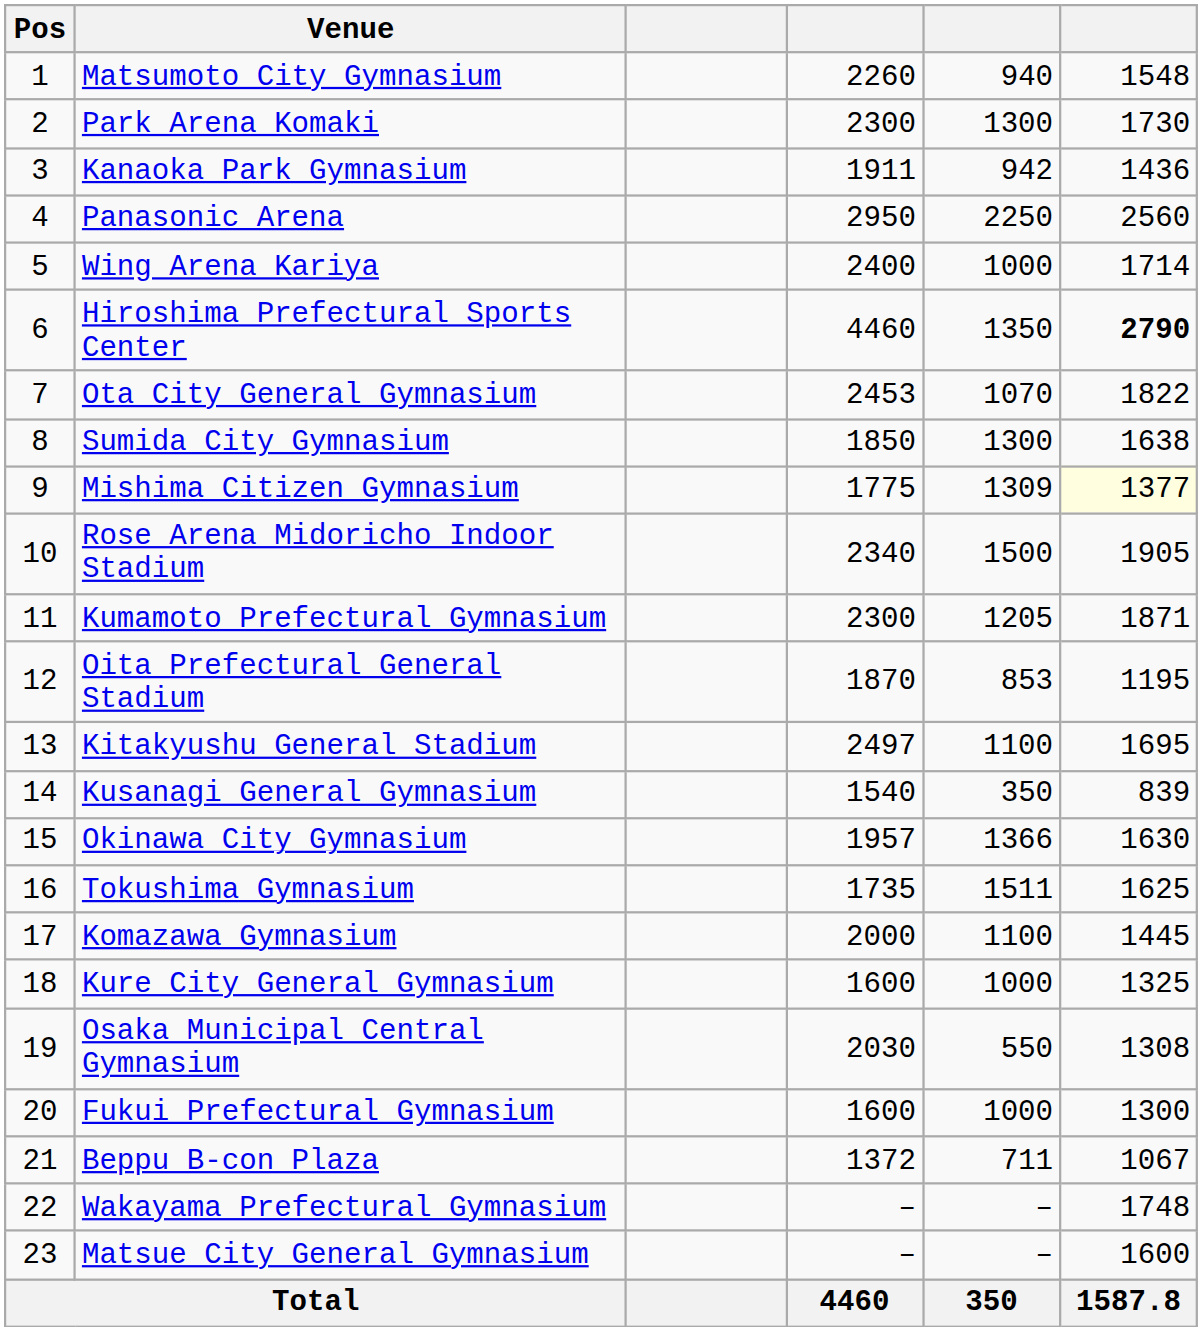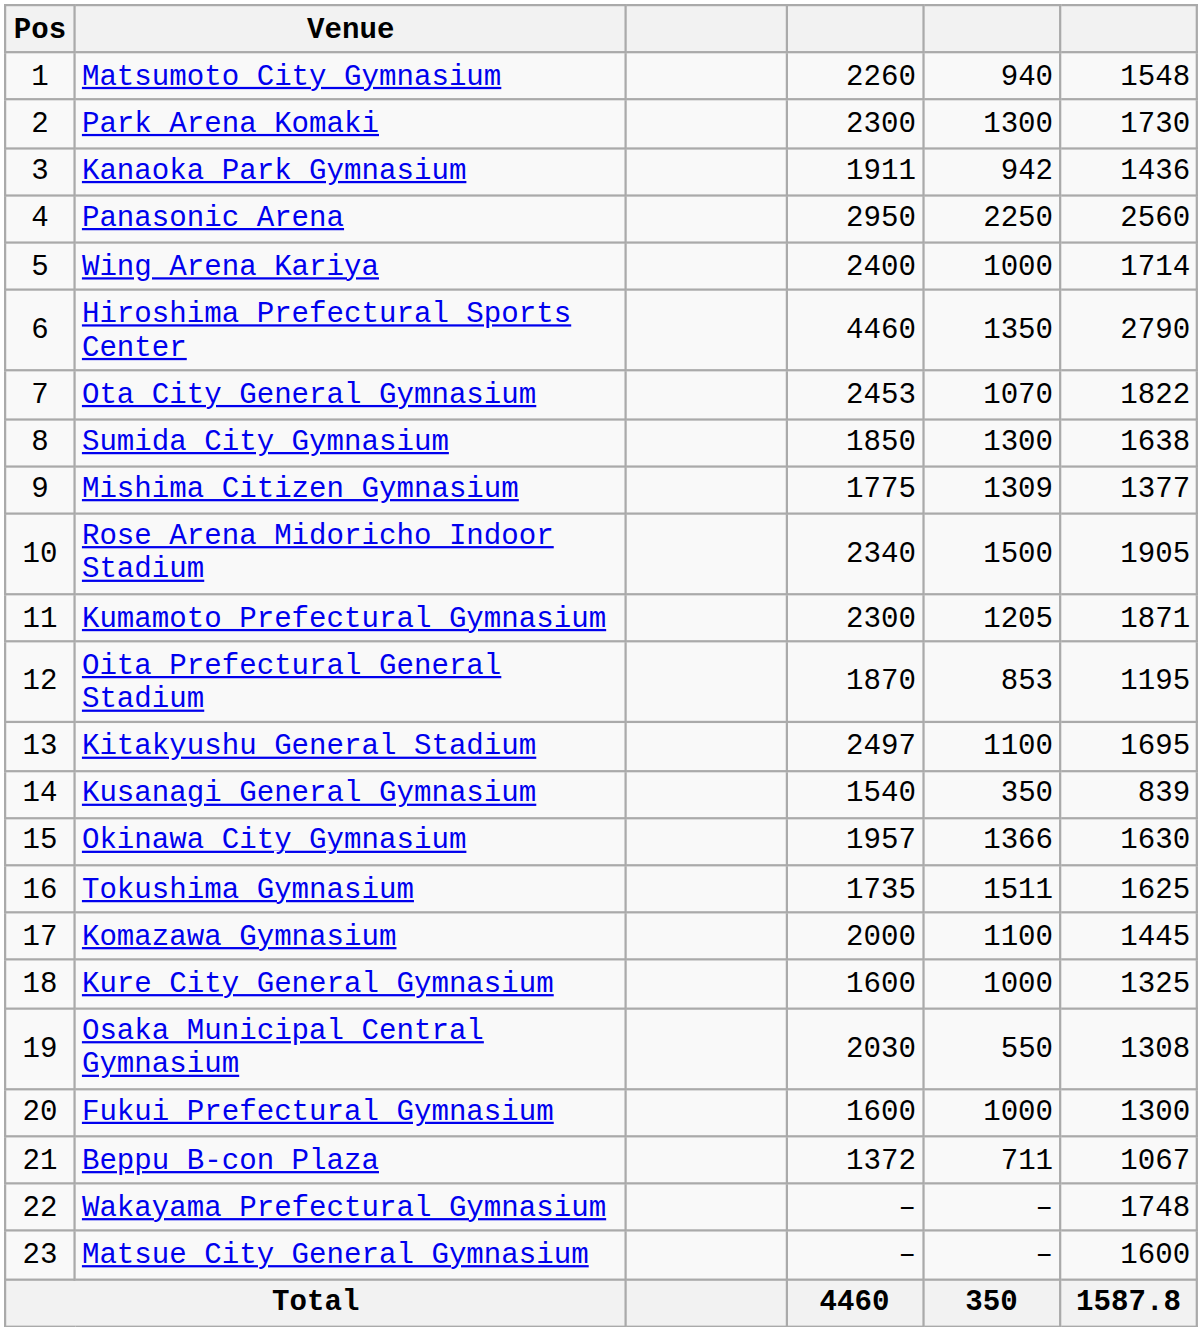 <table class="wikitable sortable" style="text-align: right;">
 <tr>
 <th class="unsortable" width=25>Pos</th>
 <th class="unsortable" width=240>Venue</th>
 <th width=65></th>
 <th width=55></th>
 <th width=55></th>
 <th width=55></th>
 </tr>
 <tr>
 <td style="text-align:center;">1</td>
 <td style="text-align:left;"><a href='#'>Matsumoto City Gymnasium</a></td>
 <td></td>
 <td>2260</td>
 <td>940</td>
 <td>1548</td>
 </tr>
 <tr>
 <td style="text-align:center;">2</td>
 <td style="text-align:left;"><a href='#'>Park Arena Komaki</a></td>
 <td></td>
 <td>2300</td>
 <td>1300</td>
 <td>1730</td>
 </tr>
 <tr>
 <td style="text-align:center;">3</td>
 <td style="text-align:left;"><a href='#'>Kanaoka Park Gymnasium</a></td>
 <td></td>
 <td>1911</td>
 <td>942</td>
 <td>1436</td>
 </tr>
 <tr>
 <td style="text-align:center;">4</td>
 <td style="text-align:left;"><a href='#'>Panasonic Arena</a></td>
 <td></td>
 <td>2950</td>
 <td>2250</td>
 <td>2560</td>
 </tr>
 <tr>
 <td style="text-align:center;">5</td>
 <td style="text-align:left;"><a href='#'>Wing Arena Kariya</a></td>
 <td></td>
 <td>2400</td>
 <td>1000</td>
 <td>1714</td>
 </tr>
 <tr>
 <td style="text-align:center;">6</td>
 <td style="text-align:left;"><a href='#'>Hiroshima Prefectural Sports Center</a></td>
 <td></td>
 <td>4460</td>
 <td>1350</td>
-<td><strong>2790</strong></td>
+<td>2790</td>
 </tr>
 <tr>
 <td style="text-align:center;">7</td>
 <td style="text-align:left;"><a href='#'>Ota City General Gymnasium</a></td>
 <td></td>
 <td>2453</td>
 <td>1070</td>
 <td>1822</td>
 </tr>
 <tr>
 <td style="text-align:center;">8</td>
 <td style="text-align:left;"><a href='#'>Sumida City Gymnasium</a></td>
 <td></td>
 <td>1850</td>
 <td>1300</td>
 <td>1638</td>
 </tr>
 <tr>
 <td style="text-align:center;">9</td>
 <td style="text-align:left;"><a href='#'>Mishima Citizen Gymnasium</a></td>
 <td></td>
 <td>1775</td>
 <td>1309</td>
-<td style="background: lightyellow;">1377</td>
+<td>1377</td>
 </tr>
 <tr>
 <td style="text-align:center;">10</td>
 <td style="text-align:left;"><a href='#'>Rose Arena Midoricho Indoor Stadium</a></td>
 <td></td>
 <td>2340</td>
 <td>1500</td>
 <td>1905</td>
 </tr>
 <tr>
 <td style="text-align:center;">11</td>
 <td style="text-align:left;"><a href='#'>Kumamoto Prefectural Gymnasium</a></td>
 <td></td>
 <td>2300</td>
 <td>1205</td>
 <td>1871</td>
 </tr>
 <tr>
 <td style="text-align:center;">12</td>
 <td style="text-align:left;"><a href='#'>Oita Prefectural General Stadium</a></td>
 <td></td>
 <td>1870</td>
 <td>853</td>
 <td>1195</td>
 </tr>
 <tr>
 <td style="text-align:center;">13</td>
 <td style="text-align:left;"><a href='#'>Kitakyushu General Stadium</a></td>
 <td></td>
 <td>2497</td>
 <td>1100</td>
 <td>1695</td>
 </tr>
 <tr>
 <td style="text-align:center;">14</td>
 <td style="text-align:left;"><a href='#'>Kusanagi General Gymnasium</a></td>
 <td></td>
 <td>1540</td>
 <td>350</td>
 <td>839</td>
 </tr>
 <tr>
 <td style="text-align:center;">15</td>
 <td style="text-align:left;"><a href='#'>Okinawa City Gymnasium</a></td>
 <td></td>
 <td>1957</td>
 <td>1366</td>
 <td>1630</td>
 </tr>
 <tr>
 <td style="text-align:center;">16</td>
 <td style="text-align:left;"><a href='#'>Tokushima Gymnasium</a></td>
 <td></td>
 <td>1735</td>
 <td>1511</td>
 <td>1625</td>
 </tr>
 <tr>
 <td style="text-align:center;">17</td>
 <td style="text-align:left;"><a href='#'>Komazawa Gymnasium</a></td>
 <td></td>
 <td>2000</td>
 <td>1100</td>
 <td>1445</td>
 </tr>
 <tr>
 <td style="text-align:center;">18</td>
 <td style="text-align:left;"><a href='#'>Kure City General Gymnasium</a></td>
 <td></td>
 <td>1600</td>
 <td>1000</td>
 <td>1325</td>
 </tr>
 <tr>
 <td style="text-align:center;">19</td>
 <td style="text-align:left;"><a href='#'>Osaka Municipal Central Gymnasium</a></td>
 <td></td>
 <td>2030</td>
 <td>550</td>
 <td>1308</td>
 </tr>
 <tr>
 <td style="text-align:center;">20</td>
 <td style="text-align:left;"><a href='#'>Fukui Prefectural Gymnasium</a></td>
 <td></td>
 <td>1600</td>
 <td>1000</td>
 <td>1300</td>
 </tr>
 <tr>
 <td style="text-align:center;">21</td>
 <td style="text-align:left;"><a href='#'>Beppu B-con Plaza</a></td>
 <td></td>
 <td>1372</td>
 <td>711</td>
 <td>1067</td>
 </tr>
 <tr>
 <td style="text-align:center;">22</td>
 <td style="text-align:left;"><a href='#'>Wakayama Prefectural Gymnasium</a></td>
 <td></td>
 <td>–</td>
 <td>–</td>
 <td>1748</td>
 </tr>
 <tr>
 <td style="text-align:center;">23</td>
 <td style="text-align:left;"><a href='#'>Matsue City General Gymnasium</a></td>
 <td></td>
 <td>–</td>
 <td>–</td>
 <td>1600</td>
 </tr>
 <tr>
 <th colspan=2>Total</th>
 <th></th>
 <th>4460</th>
 <th>350</th>
 <th>1587.8</th>
 </tr>
 </table>
